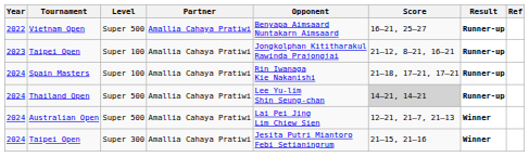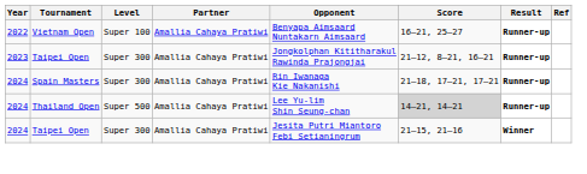 <table class="sortable wikitable" style="font-size: 90%;">
 <tr>
 <th>Year</th>
 <th>Tournament</th>
 <th>Level</th>
 <th>Partner</th>
 <th>Opponent</th>
 <th>Score</th>
 <th>Result</th>
 <th>Ref</th>
 </tr>
 <tr>
 <td align="center"><a href='#'>2022</a></td>
 <td align="left"><a href='#'>Vietnam Open</a></td>
-<td align="left">Super 500</td>
+<td align="left">Super 100</td>
 <td align="left"> <a href='#'>Amallia Cahaya Pratiwi</a></td>
 <td align="left"> <a href='#'>Benyapa Aimsaard</a><br> <a href='#'>Nuntakarn Aimsaard</a></td>
 <td align="left">16–21, 25–27</td>
 <td style="text-align:left; background:white"> <strong>Runner-up</strong></td>
 <td style="text-align:center; background:white"></td>
 </tr>
 <tr>
 <td align="center"><a href='#'>2023</a></td>
 <td align="left"><a href='#'>Taipei Open</a></td>
-<td align="left">Super 100</td>
+<td align="left">Super 300</td>
 <td align="left"> Amallia Cahaya Pratiwi</td>
 <td align="left"> <a href='#'>Jongkolphan Kititharakul</a><br> <a href='#'>Rawinda Prajongjai</a></td>
 <td align="left">21–12, 8–21, 16–21</td>
 <td style="text-align:left; background:white"> <strong>Runner-up</strong></td>
 <td style="text-align:center; background:white"></td>
 </tr>
 <tr>
 <td align="center"><a href='#'>2024</a></td>
 <td align="left"><a href='#'>Spain Masters</a></td>
-<td align="left">Super 100</td>
+<td align="left">Super 300</td>
 <td align="left"> Amallia Cahaya Pratiwi</td>
 <td align="left"> <a href='#'>Rin Iwanaga</a><br> <a href='#'>Kie Nakanishi</a></td>
 <td align="left">21–18, 17–21, 17–21</td>
 <td style="text-align:left; background:white"> <strong>Runner-up</strong></td>
 <td style="text-align:center; background:white"></td>
 </tr>
 <tr>
 <td align="center"><a href='#'>2024</a></td>
 <td align="left"><a href='#'>Thailand Open</a></td>
 <td align="left">Super 500</td>
 <td align="left"> Amallia Cahaya Pratiwi</td>
 <td align="left"> <a href='#'>Lee Yu-lim</a><br> <a href='#'>Shin Seung-chan</a></td>
 <td align="left" style="background: lightgrey;">14–21, 14–21</td>
 <td style="text-align:left; background:white"> <strong>Runner-up</strong></td>
 <td style="text-align:center; background:white"></td>
 </tr>
 <tr>
 <td align="center"><a href='#'>2024</a></td>
-<td align="left"><a href='#'>Australian Open</a></td>
-<td align="left">Super 500</td>
-<td align="left"> Amallia Cahaya Pratiwi</td>
-<td align="left"> <a href='#'>Lai Pei Jing</a> <br> <a href='#'>Lim Chiew Sien</a></td>
-<td align="left">12–21, 21–7, 21–13</td>
-<td style="text-align:left; background:white"> <strong>Winner</strong></td>
-<td style="text-align:center; background:white"></td>
-</tr>
-<tr>
-<td align="center"><a href='#'>2024</a></td>
 <td align="left"><a href='#'>Taipei Open</a></td>
 <td align="left">Super 300</td>
 <td align="left"> Amallia Cahaya Pratiwi</td>
 <td align="left"> <a href='#'>Jesita Putri Miantoro</a> <br> <a href='#'>Febi Setianingrum</a></td>
 <td align="left">21–15, 21–16</td>
 <td style="text-align:left; background:white"> <strong>Winner</strong></td>
 <td style="text-align:center; background:white"></td>
 </tr>
 </table>
